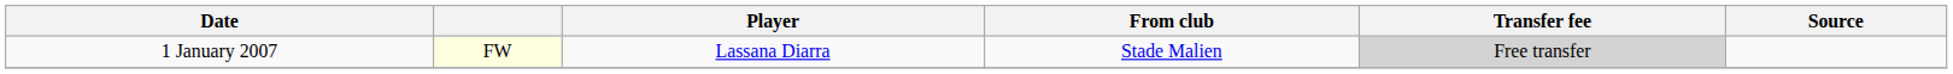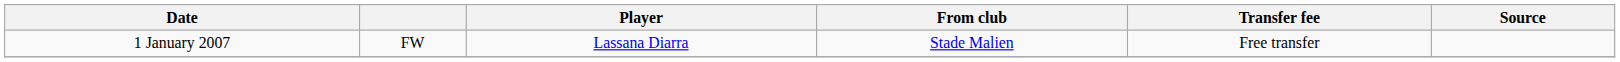 <table class="wikitable sortable" style="width:70%; text-align:center; font-size:85%; text-align:centre;">
 <tr>
 <th>Date</th>
 <th></th>
 <th>Player</th>
 <th>From club</th>
 <th>Transfer fee</th>
 <th>Source</th>
 </tr>
 <tr>
 <td>1 January 2007</td>
-<td style="background: lightyellow;">FW</td>
+<td>FW</td>
 <td> <a href='#'>Lassana Diarra</a></td>
 <td> <a href='#'>Stade Malien</a></td>
-<td style="background: lightgrey;">Free transfer</td>
+<td>Free transfer</td>
 <td></td>
 </tr>
 <tr>
 </tr>
 </table>
